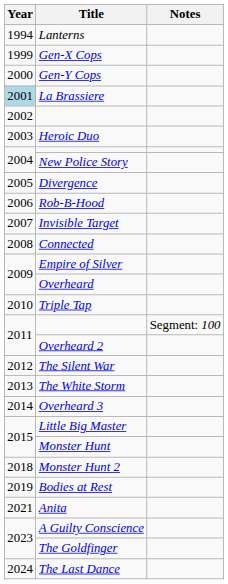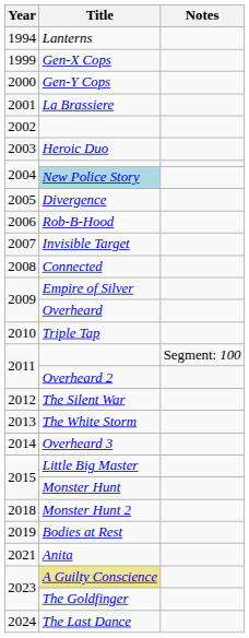 <table class="wikitable">
 <tr>
 <th>Year</th>
 <th>Title</th>
 <th>Notes</th>
 </tr>
 <tr>
 <td>1994</td>
 <td><em>Lanterns</em></td>
 <td></td>
 </tr>
 <tr>
 <td>1999</td>
 <td><em><a href='#'>Gen-X Cops</a></em></td>
 <td></td>
 </tr>
 <tr>
 <td>2000</td>
 <td><em><a href='#'>Gen-Y Cops</a></em></td>
 <td></td>
 </tr>
 <tr>
-<td style="background: lightblue;">2001</td>
+<td>2001</td>
 <td><em><a href='#'>La Brassiere</a></em></td>
 <td></td>
 </tr>
 <tr>
 <td>2002</td>
 <td><em></em></td>
 <td></td>
 </tr>
 <tr>
 <td>2003</td>
 <td><em><a href='#'>Heroic Duo</a></em></td>
 <td></td>
 </tr>
 <tr>
 <td rowspan="2">2004</td>
 <td><em></em></td>
 <td></td>
 </tr>
 <tr>
-<td><em><a href='#'>New Police Story</a></em></td>
+<td style="background: lightblue;"><em><a href='#'>New Police Story</a></em></td>
 <td></td>
 </tr>
 <tr>
 <td>2005</td>
 <td><em><a href='#'>Divergence</a></em></td>
 <td></td>
 </tr>
 <tr>
 <td>2006</td>
 <td><em><a href='#'>Rob-B-Hood</a></em></td>
 <td></td>
 </tr>
 <tr>
 <td>2007</td>
 <td><em><a href='#'>Invisible Target</a></em></td>
 <td></td>
 </tr>
 <tr>
 <td>2008</td>
 <td><em><a href='#'>Connected</a></em></td>
 <td></td>
 </tr>
 <tr>
 <td rowspan="2">2009</td>
 <td><em><a href='#'>Empire of Silver</a></em></td>
 <td></td>
 </tr>
 <tr>
 <td><em><a href='#'>Overheard</a></em></td>
 <td></td>
 </tr>
 <tr>
 <td>2010</td>
 <td><em><a href='#'>Triple Tap</a></em></td>
 <td></td>
 </tr>
 <tr>
 <td rowspan="2">2011</td>
 <td><em></em></td>
 <td>Segment: <em>100</em></td>
 </tr>
 <tr>
 <td><em><a href='#'>Overheard 2</a></em></td>
 <td></td>
 </tr>
 <tr>
 <td>2012</td>
 <td><em><a href='#'>The Silent War</a></em></td>
 <td></td>
 </tr>
 <tr>
 <td>2013</td>
 <td><em><a href='#'>The White Storm</a></em></td>
 <td></td>
 </tr>
 <tr>
 <td>2014</td>
 <td><em><a href='#'>Overheard 3</a></em></td>
 <td></td>
 </tr>
 <tr>
 <td rowspan="2">2015</td>
 <td><em><a href='#'>Little Big Master</a></em></td>
 <td></td>
 </tr>
 <tr>
 <td><em><a href='#'>Monster Hunt</a></em></td>
 <td></td>
 </tr>
 <tr>
 <td>2018</td>
 <td><em><a href='#'>Monster Hunt 2</a></em></td>
 <td></td>
 </tr>
 <tr>
 <td>2019</td>
 <td><em><a href='#'>Bodies at Rest</a></em></td>
 <td></td>
 </tr>
 <tr>
 <td>2021</td>
 <td><em><a href='#'>Anita</a></em></td>
 <td></td>
 </tr>
 <tr>
 <td rowspan="2">2023</td>
-<td><em><a href='#'>A Guilty Conscience</a></em></td>
+<td style="background: khaki;"><em><a href='#'>A Guilty Conscience</a></em></td>
 <td></td>
 </tr>
 <tr>
 <td><em><a href='#'>The Goldfinger</a></em></td>
 <td></td>
 </tr>
 <tr>
 <td>2024</td>
 <td><em><a href='#'>The Last Dance</a></em></td>
 <td></td>
 </tr>
 </table>
